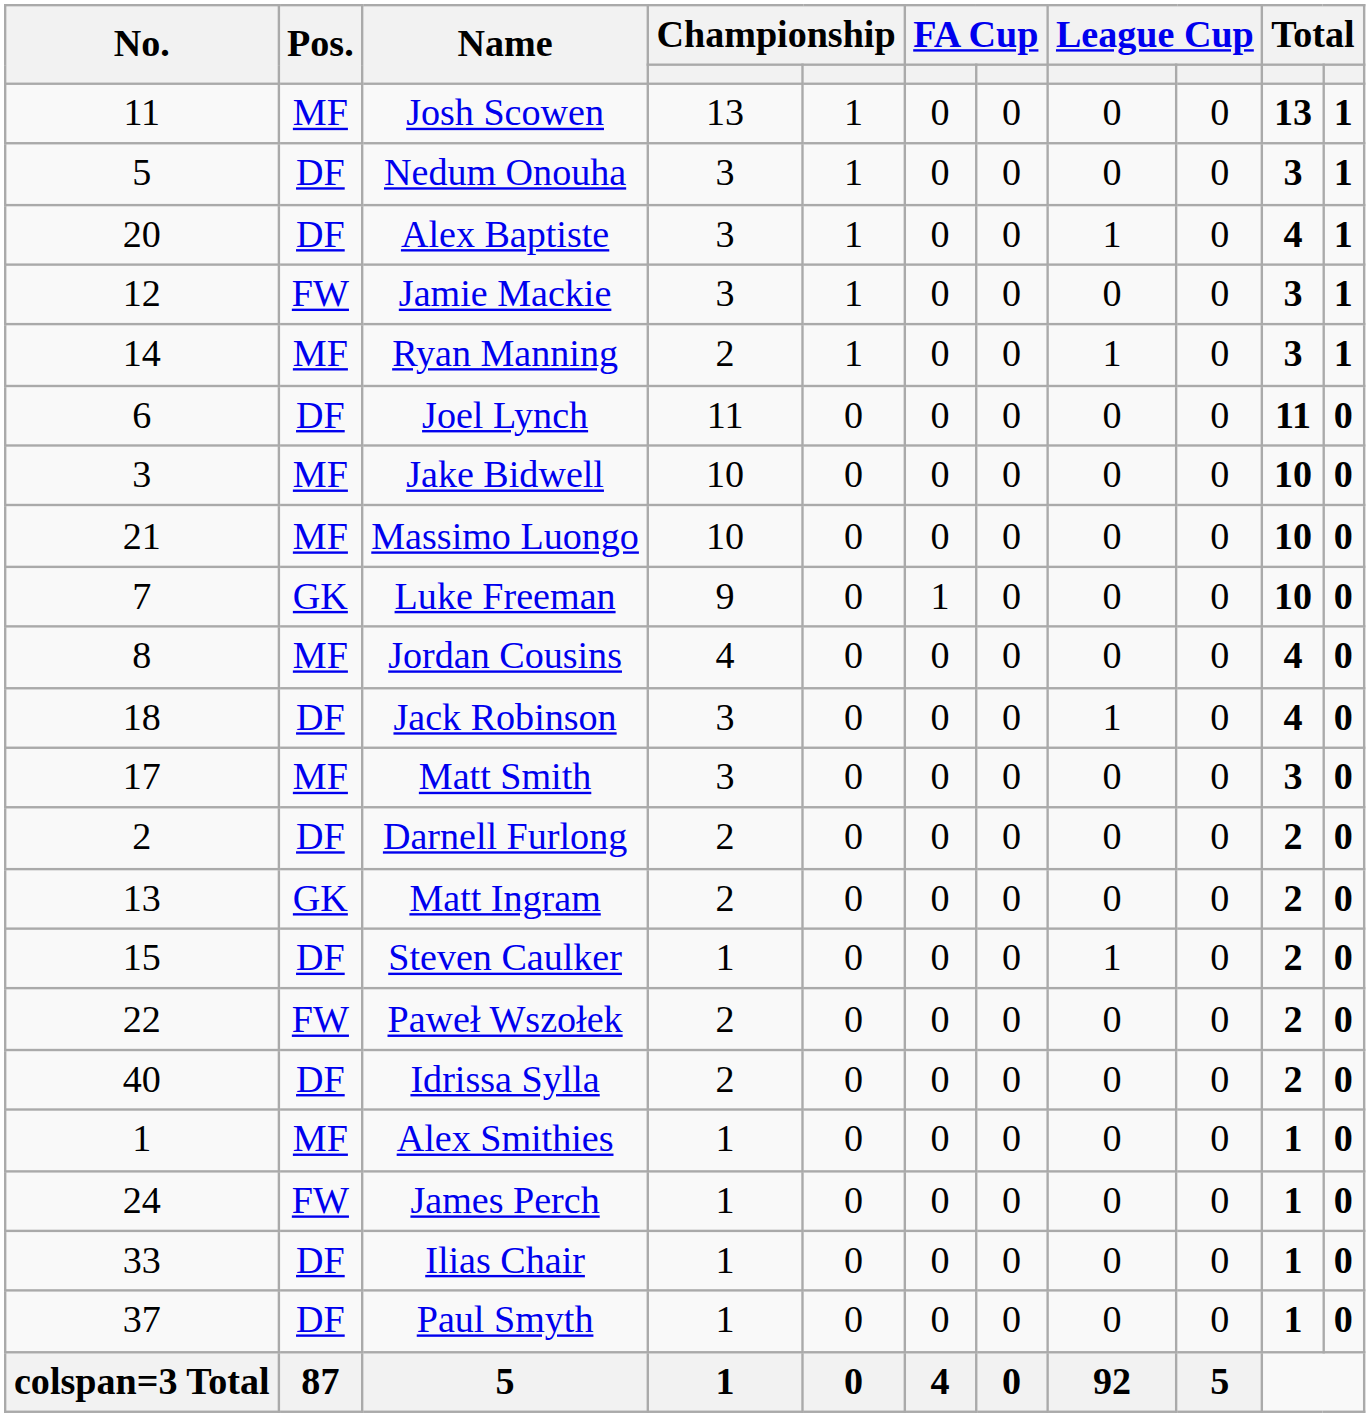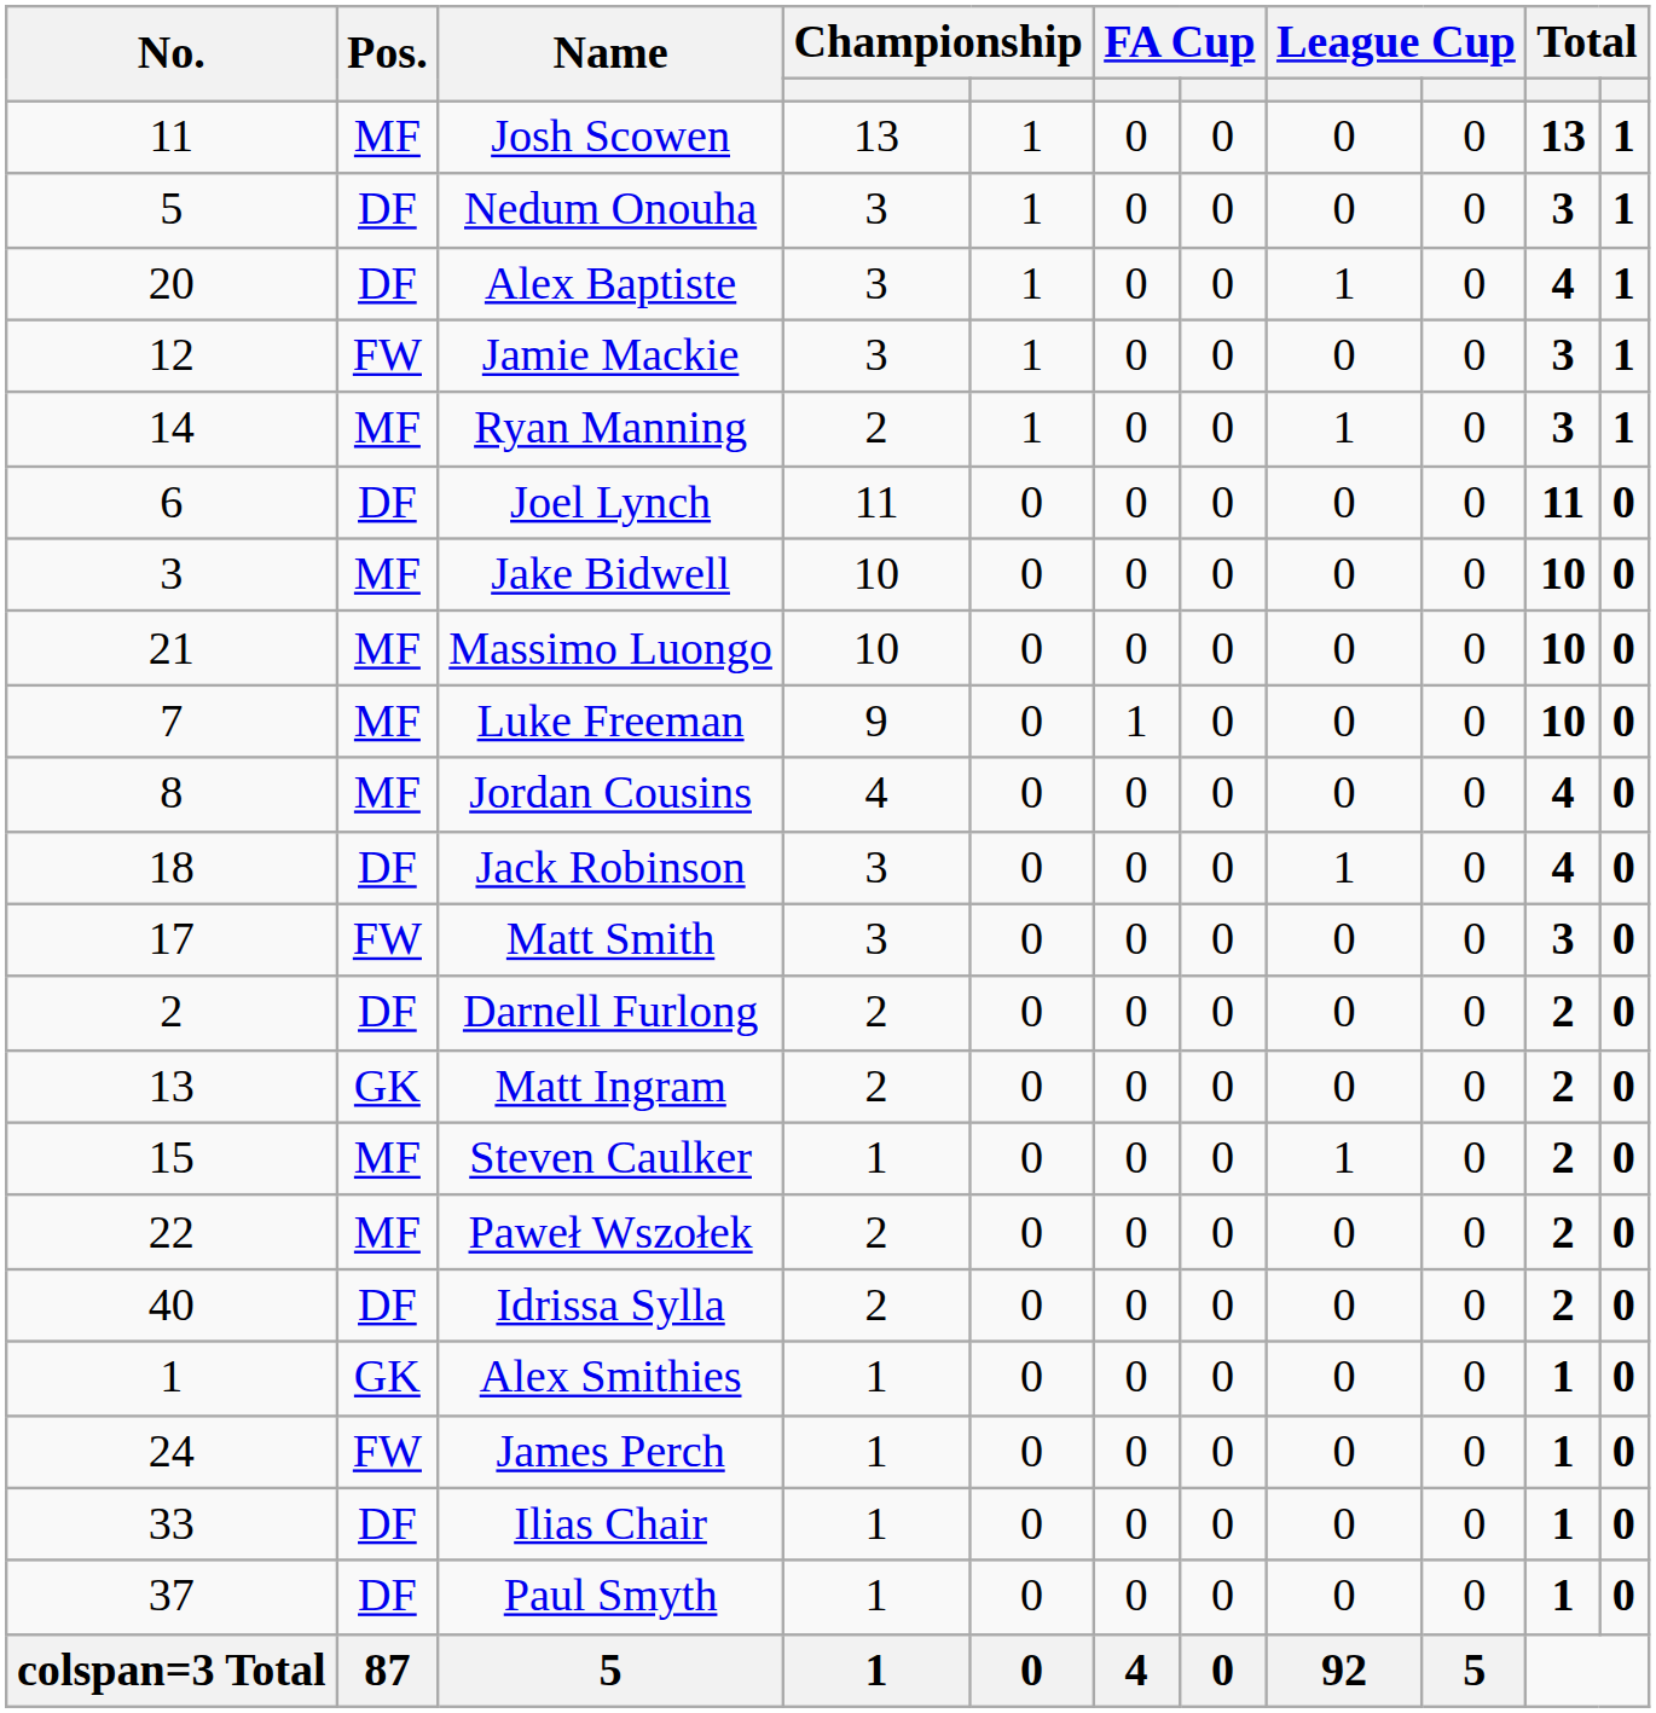 <table class="wikitable sortable" style="text-align: center;">
 <tr>
 <th rowspan="2">No.</th>
 <th rowspan="2">Pos.</th>
 <th rowspan="2">Name</th>
 <th colspan="2">Championship</th>
 <th colspan="2"><a href='#'>FA Cup</a></th>
 <th colspan="2"><a href='#'>League Cup</a></th>
 <th colspan="2">Total</th>
 </tr>
 <tr>
 <th></th>
 <th></th>
 <th></th>
 <th></th>
 <th></th>
 <th></th>
 <th></th>
 <th></th>
 </tr>
 <tr>
 <td>11</td>
 <td><a href='#'>MF</a></td>
 <td><a href='#'>Josh Scowen</a></td>
 <td>13</td>
 <td>1</td>
 <td>0</td>
 <td>0</td>
 <td>0</td>
 <td>0</td>
 <td><strong>13</strong></td>
 <td><strong>1</strong></td>
 </tr>
 <tr>
 <td>5</td>
 <td><a href='#'>DF</a></td>
 <td><a href='#'>Nedum Onouha</a></td>
 <td>3</td>
 <td>1</td>
 <td>0</td>
 <td>0</td>
 <td>0</td>
 <td>0</td>
 <td><strong>3</strong></td>
 <td><strong>1</strong></td>
 </tr>
 <tr>
 <td>20</td>
 <td><a href='#'>DF</a></td>
 <td><a href='#'>Alex Baptiste</a></td>
 <td>3</td>
 <td>1</td>
 <td>0</td>
 <td>0</td>
 <td>1</td>
 <td>0</td>
 <td><strong>4</strong></td>
 <td><strong>1</strong></td>
 </tr>
 <tr>
 <td>12</td>
 <td><a href='#'>FW</a></td>
 <td><a href='#'>Jamie Mackie</a></td>
 <td>3</td>
 <td>1</td>
 <td>0</td>
 <td>0</td>
 <td>0</td>
 <td>0</td>
 <td><strong>3</strong></td>
 <td><strong>1</strong></td>
 </tr>
 <tr>
 <td>14</td>
 <td><a href='#'>MF</a></td>
 <td><a href='#'>Ryan Manning</a></td>
 <td>2</td>
 <td>1</td>
 <td>0</td>
 <td>0</td>
 <td>1</td>
 <td>0</td>
 <td><strong>3</strong></td>
 <td><strong>1</strong></td>
 </tr>
 <tr>
 <td>6</td>
 <td><a href='#'>DF</a></td>
 <td><a href='#'>Joel Lynch</a></td>
 <td>11</td>
 <td>0</td>
 <td>0</td>
 <td>0</td>
 <td>0</td>
 <td>0</td>
 <td><strong>11</strong></td>
 <td><strong>0</strong></td>
 </tr>
 <tr>
 <td>3</td>
 <td><a href='#'>MF</a></td>
 <td><a href='#'>Jake Bidwell</a></td>
 <td>10</td>
 <td>0</td>
 <td>0</td>
 <td>0</td>
 <td>0</td>
 <td>0</td>
 <td><strong>10</strong></td>
 <td><strong>0</strong></td>
 </tr>
 <tr>
 <td>21</td>
 <td><a href='#'>MF</a></td>
 <td><a href='#'>Massimo Luongo</a></td>
 <td>10</td>
 <td>0</td>
 <td>0</td>
 <td>0</td>
 <td>0</td>
 <td>0</td>
 <td><strong>10</strong></td>
 <td><strong>0</strong></td>
 </tr>
 <tr>
 <td>7</td>
-<td><a href='#'>GK</a></td>
+<td><a href='#'>MF</a></td>
 <td><a href='#'>Luke Freeman</a></td>
 <td>9</td>
 <td>0</td>
 <td>1</td>
 <td>0</td>
 <td>0</td>
 <td>0</td>
 <td><strong>10</strong></td>
 <td><strong>0</strong></td>
 </tr>
 <tr>
 <td>8</td>
 <td><a href='#'>MF</a></td>
 <td><a href='#'>Jordan Cousins</a></td>
 <td>4</td>
 <td>0</td>
 <td>0</td>
 <td>0</td>
 <td>0</td>
 <td>0</td>
 <td><strong>4</strong></td>
 <td><strong>0</strong></td>
 </tr>
 <tr>
 <td>18</td>
 <td><a href='#'>DF</a></td>
 <td><a href='#'>Jack Robinson</a></td>
 <td>3</td>
 <td>0</td>
 <td>0</td>
 <td>0</td>
 <td>1</td>
 <td>0</td>
 <td><strong>4</strong></td>
 <td><strong>0</strong></td>
 </tr>
 <tr>
 <td>17</td>
-<td><a href='#'>MF</a></td>
+<td><a href='#'>FW</a></td>
 <td><a href='#'>Matt Smith</a></td>
 <td>3</td>
 <td>0</td>
 <td>0</td>
 <td>0</td>
 <td>0</td>
 <td>0</td>
 <td><strong>3</strong></td>
 <td><strong>0</strong></td>
 </tr>
 <tr>
 <td>2</td>
 <td><a href='#'>DF</a></td>
 <td><a href='#'>Darnell Furlong</a></td>
 <td>2</td>
 <td>0</td>
 <td>0</td>
 <td>0</td>
 <td>0</td>
 <td>0</td>
 <td><strong>2</strong></td>
 <td><strong>0</strong></td>
 </tr>
 <tr>
 <td>13</td>
 <td><a href='#'>GK</a></td>
 <td><a href='#'>Matt Ingram</a></td>
 <td>2</td>
 <td>0</td>
 <td>0</td>
 <td>0</td>
 <td>0</td>
 <td>0</td>
 <td><strong>2</strong></td>
 <td><strong>0</strong></td>
 </tr>
 <tr>
 <td>15</td>
-<td><a href='#'>DF</a></td>
+<td><a href='#'>MF</a></td>
 <td><a href='#'>Steven Caulker</a></td>
 <td>1</td>
 <td>0</td>
 <td>0</td>
 <td>0</td>
 <td>1</td>
 <td>0</td>
 <td><strong>2</strong></td>
 <td><strong>0</strong></td>
 </tr>
 <tr>
 <td>22</td>
-<td><a href='#'>FW</a></td>
+<td><a href='#'>MF</a></td>
 <td><a href='#'>Paweł Wszołek</a></td>
 <td>2</td>
 <td>0</td>
 <td>0</td>
 <td>0</td>
 <td>0</td>
 <td>0</td>
 <td><strong>2</strong></td>
 <td><strong>0</strong></td>
 </tr>
 <tr>
 <td>40</td>
 <td><a href='#'>DF</a></td>
 <td><a href='#'>Idrissa Sylla</a></td>
 <td>2</td>
 <td>0</td>
 <td>0</td>
 <td>0</td>
 <td>0</td>
 <td>0</td>
 <td><strong>2</strong></td>
 <td><strong>0</strong></td>
 </tr>
 <tr>
 <td>1</td>
-<td><a href='#'>MF</a></td>
+<td><a href='#'>GK</a></td>
 <td><a href='#'>Alex Smithies</a></td>
 <td>1</td>
 <td>0</td>
 <td>0</td>
 <td>0</td>
 <td>0</td>
 <td>0</td>
 <td><strong>1</strong></td>
 <td><strong>0</strong></td>
 </tr>
 <tr>
 <td>24</td>
 <td><a href='#'>FW</a></td>
 <td><a href='#'>James Perch</a></td>
 <td>1</td>
 <td>0</td>
 <td>0</td>
 <td>0</td>
 <td>0</td>
 <td>0</td>
 <td><strong>1</strong></td>
 <td><strong>0</strong></td>
 </tr>
 <tr>
 <td>33</td>
 <td><a href='#'>DF</a></td>
 <td><a href='#'>Ilias Chair</a></td>
 <td>1</td>
 <td>0</td>
 <td>0</td>
 <td>0</td>
 <td>0</td>
 <td>0</td>
 <td><strong>1</strong></td>
 <td><strong>0</strong></td>
 </tr>
 <tr>
 <td>37</td>
 <td><a href='#'>DF</a></td>
 <td><a href='#'>Paul Smyth</a></td>
 <td>1</td>
 <td>0</td>
 <td>0</td>
 <td>0</td>
 <td>0</td>
 <td>0</td>
 <td><strong>1</strong></td>
 <td><strong>0</strong></td>
 </tr>
 <tr>
 <th>colspan=3 Total</th>
 <th>87</th>
 <th>5</th>
 <th>1</th>
 <th>0</th>
 <th>4</th>
 <th>0</th>
 <th>92</th>
 <th>5</th>
 </tr>
 </table>
